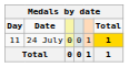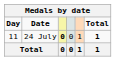 <table class="wikitable" style="font-size:85%; text-align:center;">
 <tr style="background:#efefef;">
 <th colspan=6><strong>Medals by date</strong></th>
 </tr>
 <tr>
 <td><strong>Day</strong></td>
 <td><strong>Date</strong></td>
 <td style="background:#F7F6A8;"></td>
 <td style="background:#DCE5E5;"></td>
 <td style="background:#FFDAB9;"></td>
 <td><strong>Total</strong></td>
 </tr>
 <tr>
 <td>11</td>
 <td>24 July</td>
-<td style="background:#F7F6A8;">0</td>
+<td style="background:#F7F6A8;"><strong>0</strong></td>
 <td style="background:#DCE5E5;">0</td>
 <td style="background:#FFDAB9;">1</td>
-<td style="background: gold;"><strong>1</strong></td>
+<td><strong>1</strong></td>
 </tr>
 <tr>
 <th colspan="2">Total</th>
 <th>0</th>
 <th>0</th>
 <th>1</th>
 <th>1</th>
 </tr>
 </table>
